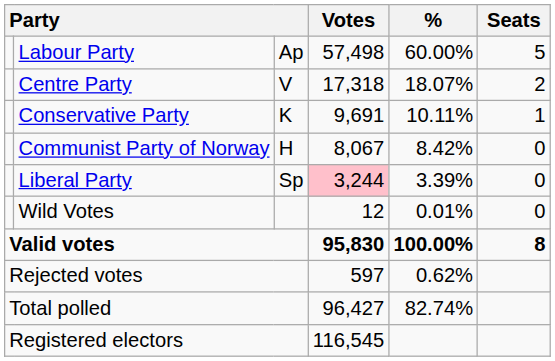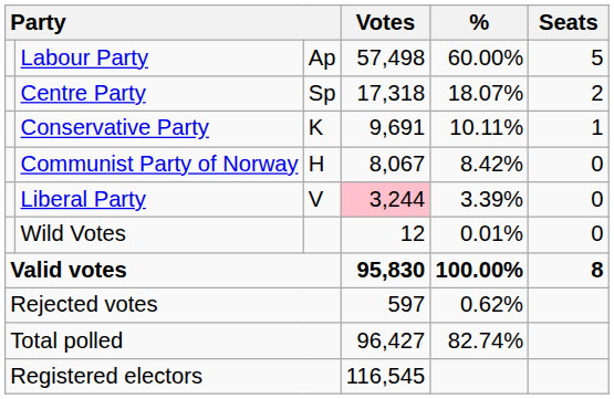 <table class="wikitable" border="1" style="text-align:right;">
 <tr>
 <th style="text-align:left;" colspan=3>Party</th>
 <th align=center width="50">Votes</th>
 <th align=center width="50">%</th>
 <th align=center width="50">Seats</th>
 </tr>
 <tr>
 <td style="color:inherit;background:"></td>
 <td align=left><a href='#'>Labour Party</a></td>
 <td align=left>Ap</td>
 <td>57,498</td>
 <td>60.00%</td>
 <td>5</td>
 </tr>
 <tr>
 <td style="color:inherit;background:"></td>
 <td align=left><a href='#'>Centre Party</a></td>
-<td align=left>V</td>
+<td align=left>Sp</td>
 <td>17,318</td>
 <td>18.07%</td>
 <td>2</td>
 </tr>
 <tr>
 <td style="color:inherit;background:"></td>
 <td align=left><a href='#'>Conservative Party</a></td>
 <td align=left>K</td>
 <td>9,691</td>
 <td>10.11%</td>
 <td>1</td>
 </tr>
 <tr>
 <td style="color:inherit;background:"></td>
 <td align=left><a href='#'>Communist Party of Norway</a></td>
 <td align=left>H</td>
 <td>8,067</td>
 <td>8.42%</td>
 <td>0</td>
 </tr>
 <tr>
 <td style="color:inherit;background:"></td>
 <td align=left><a href='#'>Liberal Party</a></td>
-<td align=left>Sp</td>
+<td align=left>V</td>
 <td style="background: pink;">3,244</td>
 <td>3.39%</td>
 <td>0</td>
 </tr>
 <tr>
 <td></td>
 <td align=left>Wild Votes</td>
 <td align=left></td>
 <td>12</td>
 <td>0.01%</td>
 <td>0</td>
 </tr>
 <tr style="font-weight:bold">
 <td align=left colspan=3>Valid votes</td>
 <td>95,830</td>
 <td>100.00%</td>
 <td>8</td>
 </tr>
 <tr>
 <td align=left colspan=3>Rejected votes</td>
 <td>597</td>
 <td>0.62%</td>
 <td></td>
 </tr>
 <tr>
 <td align=left colspan=3>Total polled</td>
 <td>96,427</td>
 <td>82.74%</td>
 <td></td>
 </tr>
 <tr>
 <td align=left colspan=3>Registered electors</td>
 <td>116,545</td>
 <td></td>
 <td></td>
 </tr>
 </table>
